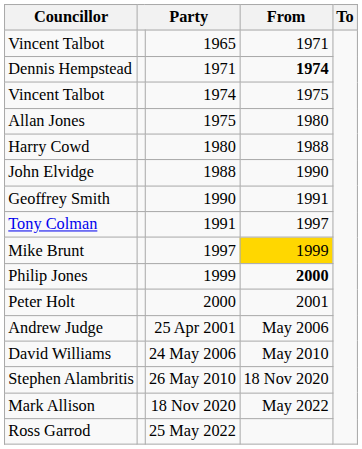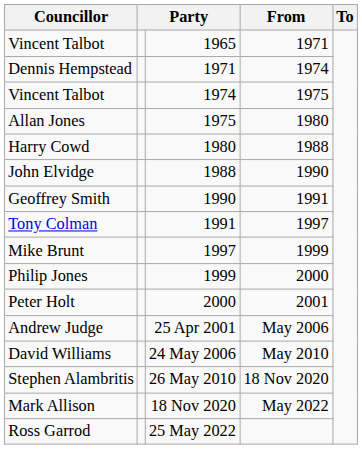 <table class=wikitable>
 <tr>
 <th>Councillor</th>
 <th colspan=2>Party</th>
 <th>From</th>
 <th>To</th>
 </tr>
 <tr>
 <td>Vincent Talbot</td>
 <td></td>
 <td align=right>1965</td>
 <td align=right>1971</td>
 </tr>
 <tr>
 <td>Dennis Hempstead</td>
 <td></td>
 <td align=right>1971</td>
-<td align=right><strong>1974</strong></td>
+<td align=right>1974</td>
 </tr>
 <tr>
 <td>Vincent Talbot</td>
 <td></td>
 <td align=right>1974</td>
 <td align=right>1975</td>
 </tr>
 <tr>
 <td>Allan Jones</td>
 <td></td>
 <td align=right>1975</td>
 <td align=right>1980</td>
 </tr>
 <tr>
 <td>Harry Cowd</td>
 <td></td>
 <td align=right>1980</td>
 <td align=right>1988</td>
 </tr>
 <tr>
 <td>John Elvidge</td>
 <td></td>
 <td align=right>1988</td>
 <td align=right>1990</td>
 </tr>
 <tr>
 <td>Geoffrey Smith</td>
 <td></td>
 <td align=right>1990</td>
 <td align=right>1991</td>
 </tr>
 <tr>
 <td><a href='#'>Tony Colman</a></td>
 <td></td>
 <td align=right>1991</td>
 <td align=right>1997</td>
 </tr>
 <tr>
 <td>Mike Brunt</td>
 <td></td>
 <td align=right>1997</td>
-<td align=right style="background: gold;">1999</td>
+<td align=right>1999</td>
 </tr>
 <tr>
 <td>Philip Jones</td>
 <td></td>
 <td align=right>1999</td>
-<td align=right><strong>2000</strong></td>
+<td align=right>2000</td>
 </tr>
 <tr>
 <td>Peter Holt</td>
 <td></td>
 <td align=right>2000</td>
 <td align=right>2001</td>
 </tr>
 <tr>
 <td>Andrew Judge</td>
 <td></td>
 <td align=right>25 Apr 2001</td>
 <td align=right>May 2006</td>
 </tr>
 <tr>
 <td>David Williams</td>
 <td></td>
 <td align=right>24 May 2006</td>
 <td align=right>May 2010</td>
 </tr>
 <tr>
 <td>Stephen Alambritis</td>
 <td></td>
 <td align=right>26 May 2010</td>
 <td align=right>18 Nov 2020</td>
 </tr>
 <tr>
 <td>Mark Allison</td>
 <td></td>
 <td align=right>18 Nov 2020</td>
 <td align=right>May 2022</td>
 </tr>
 <tr>
 <td>Ross Garrod</td>
 <td></td>
 <td align=right>25 May 2022</td>
 <td></td>
 </tr>
 </table>
